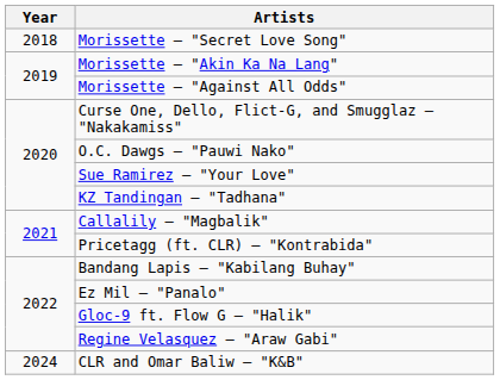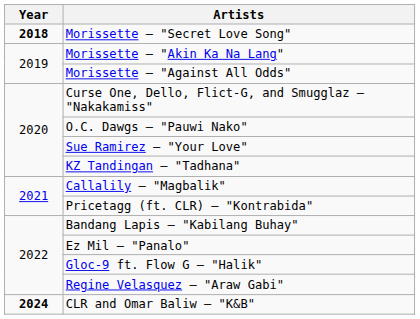 <table class="wikitable sortable"  style="width:50%;">
 <tr>
 <th width=5%  scope="col">Year</th>
 <th ! width=40%  scope="col">Artists</th>
 </tr>
 <tr>
-<td align="center">2018</td>
+<td align="center"><strong>2018</strong></td>
 <td><a href='#'>Morissette</a> – "Secret Love Song"</td>
 </tr>
 <tr>
 <td rowspan="2" align="center">2019</td>
 <td><a href='#'>Morissette</a> –  "<a href='#'>Akin Ka Na Lang</a>"</td>
 </tr>
 <tr>
 <td><a href='#'>Morissette</a> –  "Against All Odds"</td>
 </tr>
 <tr>
 <td rowspan=4 align="center">2020</td>
 <td>Curse One, Dello, Flict-G, and Smugglaz – "Nakakamiss"</td>
 </tr>
 <tr>
 <td>O.C. Dawgs – "Pauwi Nako"</td>
 </tr>
 <tr>
 <td><a href='#'>Sue Ramirez</a> – "Your Love"</td>
 </tr>
 <tr>
 <td><a href='#'>KZ Tandingan</a> – "Tadhana"</td>
 </tr>
 <tr>
 <td rowspan=2 align="center"><a href='#'>2021</a></td>
 <td><a href='#'>Callalily</a> – "Magbalik"</td>
 </tr>
 <tr>
 <td>Pricetagg (ft. CLR) – "Kontrabida"</td>
 </tr>
 <tr>
 <td rowspan=4 align="center">2022</td>
 <td>Bandang Lapis – "Kabilang Buhay"</td>
 </tr>
 <tr>
 <td>Ez Mil – "Panalo"</td>
 </tr>
 <tr>
 <td><a href='#'>Gloc-9</a> ft. Flow G – "Halik"</td>
 </tr>
 <tr>
 <td><a href='#'>Regine Velasquez</a> – "Araw Gabi"</td>
 </tr>
 <tr>
-<td align="center">2024</td>
+<td align="center"><strong>2024</strong></td>
 <td>CLR and Omar Baliw – "K&B"</td>
 </tr>
 </table>
